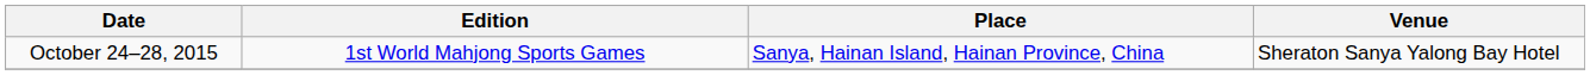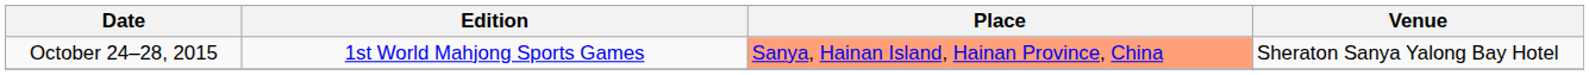 <table class="wikitable" style="text-align:center;" width="100%">
 <tr>
 <th width="15%">Date</th>
 <th width="32%">Edition</th>
 <th width="32%">Place</th>
 <th width="21%">Venue</th>
 </tr>
 <tr>
 <td>October 24–28, 2015</td>
 <td><a href='#'>1st World Mahjong Sports Games</a></td>
-<td align="left"><a href='#'>Sanya</a>,  <a href='#'>Hainan Island</a>, <a href='#'>Hainan Province</a>, <a href='#'>China</a></td>
+<td align="left" style="background: lightsalmon;"><a href='#'>Sanya</a>,  <a href='#'>Hainan Island</a>, <a href='#'>Hainan Province</a>, <a href='#'>China</a></td>
 <td align="left">Sheraton Sanya Yalong Bay Hotel</td>
 </tr>
 <tr>
 </tr>
 </table>
